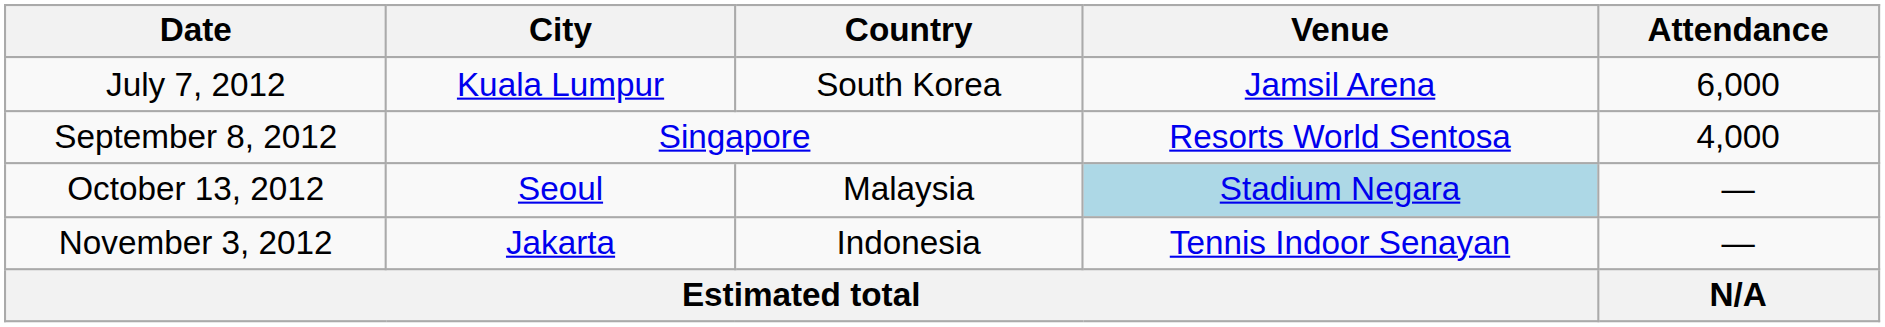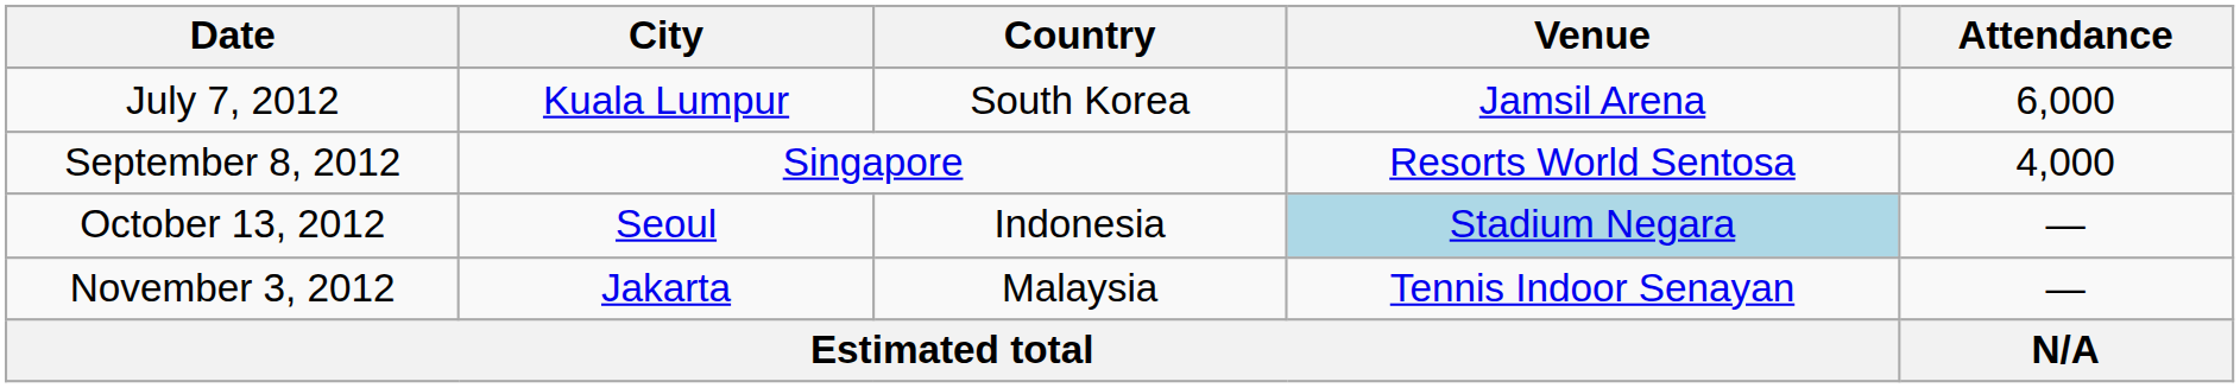 <table class="wikitable plainrowheaders" style="text-align:center;">
 <tr>
 <th scope="col" style="width:11em;">Date</th>
 <th scope="col" style="width:10em;">City</th>
 <th scope="col" style="width:10em;">Country</th>
 <th scope="col" style="width:15em;">Venue</th>
 <th scope="col" style="width:8em;">Attendance</th>
 </tr>
 <tr>
 <td>July 7, 2012</td>
 <td><a href='#'>Kuala Lumpur</a></td>
 <td>South Korea</td>
 <td><a href='#'>Jamsil Arena</a></td>
 <td>6,000</td>
 </tr>
 <tr>
 <td>September 8, 2012</td>
 <td colspan="2"><a href='#'>Singapore</a></td>
 <td><a href='#'>Resorts World Sentosa</a></td>
 <td>4,000</td>
 </tr>
 <tr>
 <td>October 13, 2012</td>
 <td><a href='#'>Seoul</a></td>
-<td>Malaysia</td>
+<td>Indonesia</td>
 <td style="background: lightblue;"><a href='#'>Stadium Negara</a></td>
 <td>—</td>
 </tr>
 <tr>
 <td>November 3, 2012</td>
 <td><a href='#'>Jakarta</a></td>
-<td>Indonesia</td>
+<td>Malaysia</td>
 <td><a href='#'>Tennis Indoor Senayan</a></td>
 <td>—</td>
 </tr>
 <tr>
 <th colspan="4">Estimated total</th>
 <th>N/A</th>
 </tr>
 </table>
